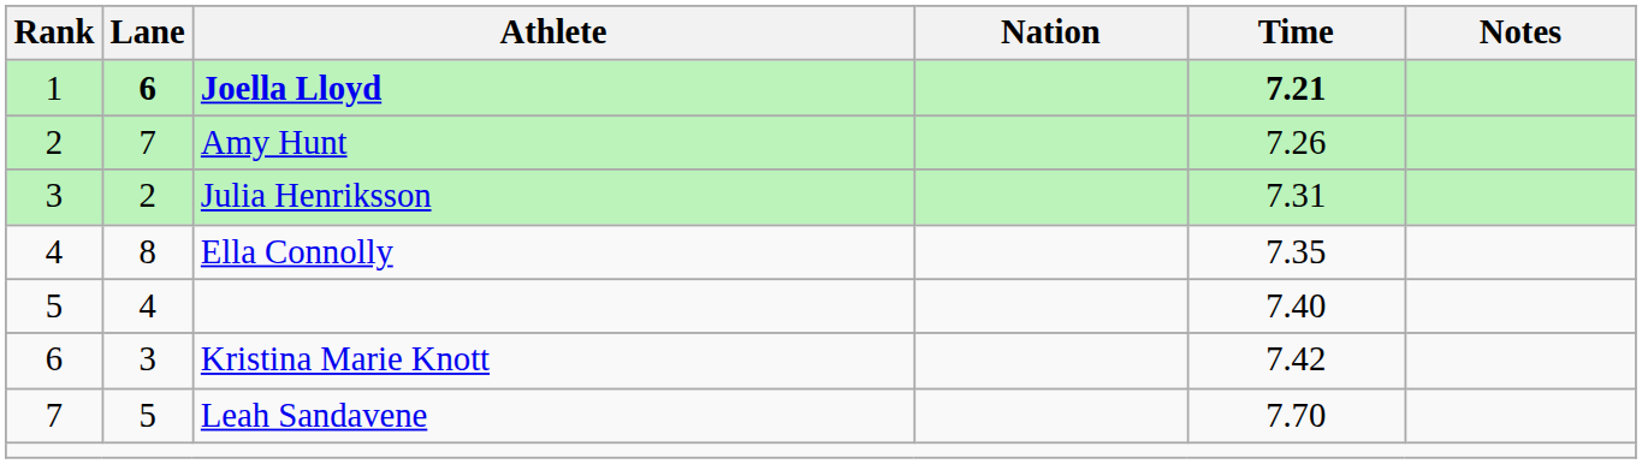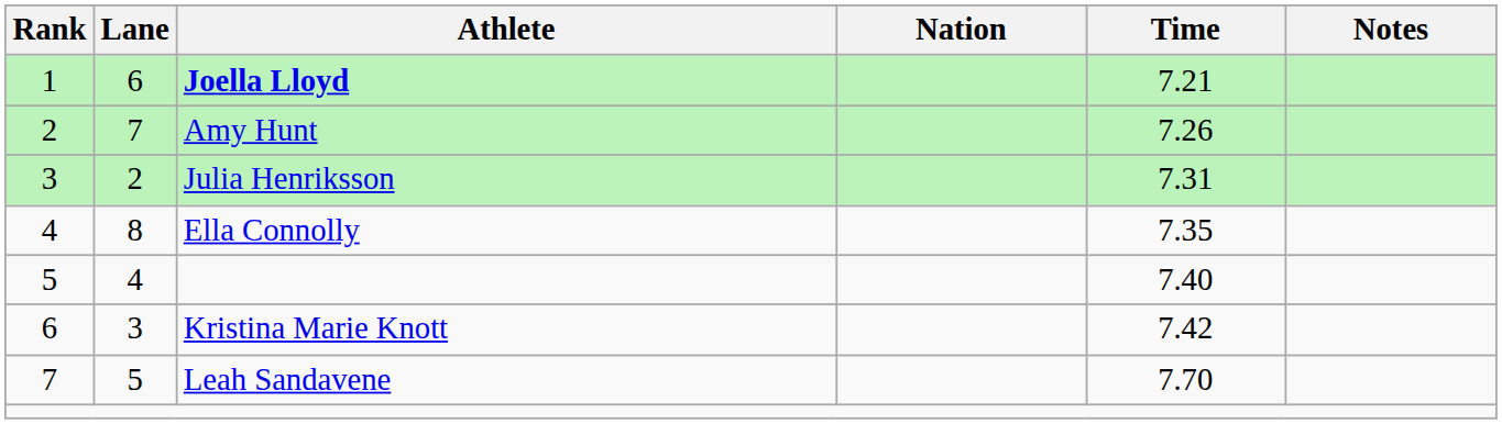 <table class="wikitable sortable" style="text-align:center;width: 60%;">
 <tr>
 <th scope="col" style="width: 10px;">Rank</th>
 <th scope="col" style="width: 10px;">Lane</th>
 <th scope="col">Athlete</th>
 <th scope="col">Nation</th>
 <th scope="col">Time</th>
 <th scope="col">Notes</th>
 </tr>
 <tr bgcolor=bbf3bb>
 <td>1</td>
-<td><strong>6</strong></td>
+<td>6</td>
 <td align=left><strong><a href='#'>Joella Lloyd</a></strong></td>
 <td align=left></td>
-<td><strong>7.21</strong></td>
+<td>7.21</td>
 <td></td>
 </tr>
 <tr bgcolor=bbf3bb>
 <td>2</td>
 <td>7</td>
 <td align=left><a href='#'>Amy Hunt</a></td>
 <td align=left></td>
 <td>7.26</td>
 <td></td>
 </tr>
 <tr bgcolor=bbf3bb>
 <td>3</td>
 <td>2</td>
 <td align=left><a href='#'>Julia Henriksson</a></td>
 <td align=left></td>
 <td>7.31</td>
 <td></td>
 </tr>
 <tr>
 <td>4</td>
 <td>8</td>
 <td align=left><a href='#'>Ella Connolly</a></td>
 <td align=left></td>
 <td>7.35</td>
 <td></td>
 </tr>
 <tr>
 <td>5</td>
 <td>4</td>
 <td align=left></td>
 <td align=left></td>
 <td>7.40</td>
 <td></td>
 </tr>
 <tr>
 <td>6</td>
 <td>3</td>
 <td align=left><a href='#'>Kristina Marie Knott</a></td>
 <td align=left></td>
 <td>7.42</td>
 <td></td>
 </tr>
 <tr>
 <td>7</td>
 <td>5</td>
 <td align=left><a href='#'>Leah Sandavene</a></td>
 <td align=left></td>
 <td>7.70</td>
 <td></td>
 </tr>
 <tr class="sortbottom">
 <td colspan="6"></td>
 </tr>
 </table>
